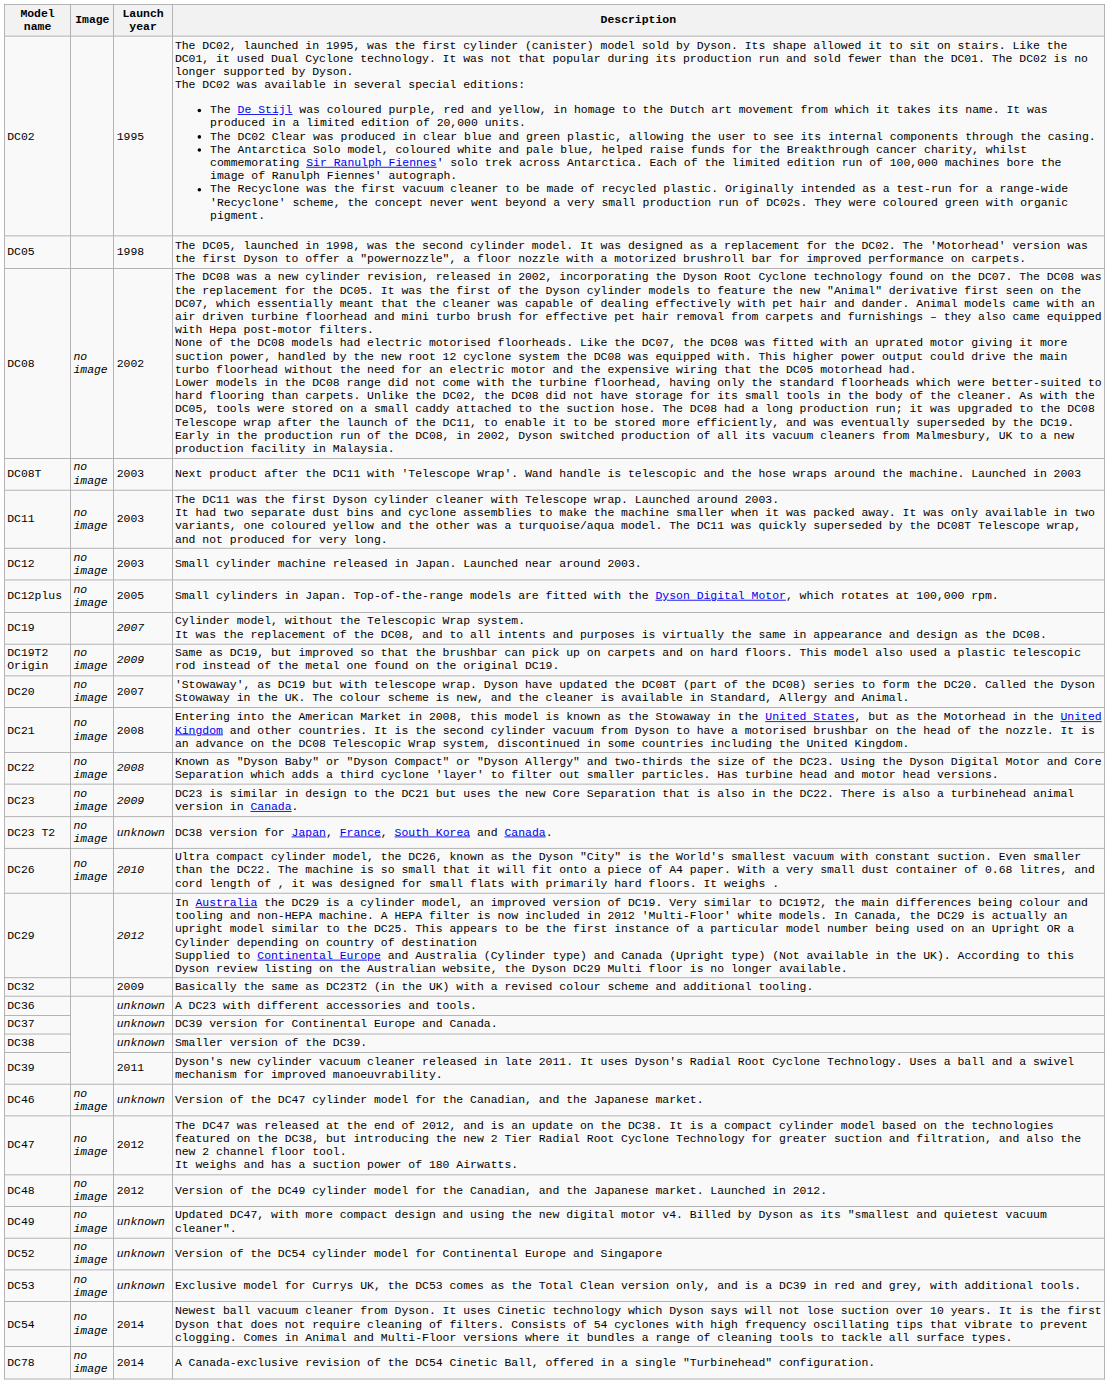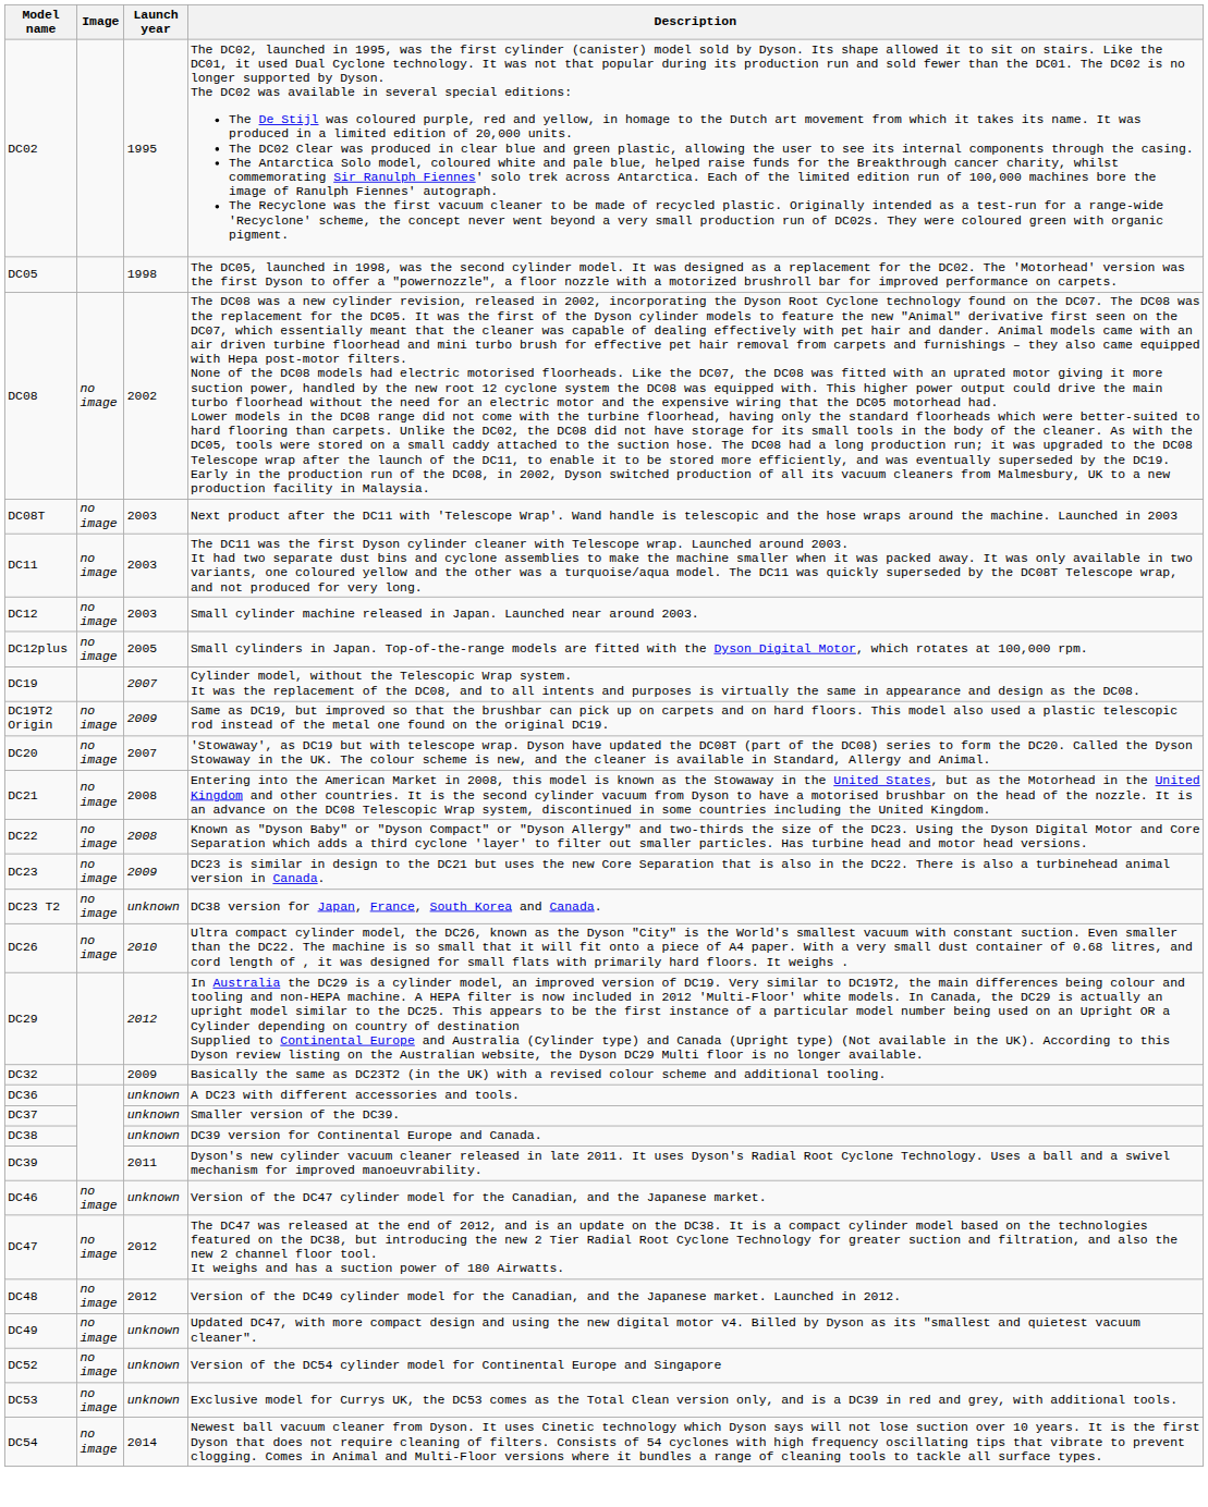 <table class="wikitable sortable">
 <tr>
 <th>Model name</th>
 <th>Image</th>
 <th>Launch year</th>
 <th>Description</th>
 </tr>
 <tr>
 <td>DC02</td>
 <td></td>
 <td>1995</td>
 <td>The DC02, launched in 1995, was the first cylinder (canister) model sold by Dyson. Its shape allowed it to sit on stairs. Like the DC01, it used Dual Cyclone technology. It was not that popular during its production run and sold fewer than the DC01. The DC02 is no longer supported by Dyson.<br>The DC02 was available in several special editions:<ul><li>The <a href='#'>De Stijl</a> was coloured purple, red and yellow, in homage to the Dutch art movement from which it takes its name. It was produced in a limited edition of 20,000 units.</li><li>The DC02 Clear was produced in clear blue and green plastic, allowing the user to see its internal components through the casing.</li><li>The Antarctica Solo model, coloured white and pale blue, helped raise funds for the Breakthrough cancer charity, whilst commemorating <a href='#'>Sir Ranulph Fiennes</a>' solo trek across Antarctica. Each of the limited edition run of 100,000 machines bore the image of Ranulph Fiennes' autograph.</li><li>The Recyclone was the first vacuum cleaner to be made of recycled plastic. Originally intended as a test-run for a range-wide 'Recyclone' scheme, the concept never went beyond a very small production run of DC02s. They were coloured green with organic pigment.</li></ul></td>
 </tr>
 <tr>
 <td>DC05</td>
 <td></td>
 <td>1998</td>
 <td>The DC05, launched in 1998, was the second cylinder model. It was designed as a replacement for the DC02. The 'Motorhead' version was the first Dyson to offer a "powernozzle", a floor nozzle with a motorized brushroll bar for improved performance on carpets.</td>
 </tr>
 <tr>
 <td>DC08</td>
 <td><em>no image</em></td>
 <td>2002</td>
 <td>The DC08 was a new cylinder revision, released in 2002, incorporating the Dyson Root Cyclone technology found on the DC07. The DC08 was the replacement for the DC05. It was the first of the Dyson cylinder models to feature the new "Animal" derivative first seen on the DC07, which essentially meant that the cleaner was capable of dealing effectively with pet hair and dander. Animal models came with an air driven turbine floorhead and mini turbo brush for effective pet hair removal from carpets and furnishings – they also came equipped with Hepa post-motor filters.<br>None of the DC08 models had electric motorised floorheads. Like the DC07, the DC08 was fitted with an uprated motor giving it more suction power, handled by the new root 12 cyclone system the DC08 was equipped with. This higher power output could drive the main turbo floorhead without the need for an electric motor and the expensive wiring that the DC05 motorhead had.<br>Lower models in the DC08 range did not come with the turbine floorhead, having only the standard floorheads which were better-suited to hard flooring than carpets. Unlike the DC02, the DC08 did not have storage for its small tools in the body of the cleaner. As with the DC05, tools were stored on a small caddy attached to the suction hose. The DC08 had a long production run; it was upgraded to the DC08 Telescope wrap after the launch of the DC11, to enable it to be stored more efficiently, and was eventually superseded by the DC19. Early in the production run of the DC08, in 2002, Dyson switched production of all its vacuum cleaners from Malmesbury, UK to a new production facility in Malaysia.</td>
 </tr>
 <tr>
 <td>DC08T</td>
 <td><em>no image</em></td>
 <td>2003</td>
 <td>Next product after the DC11 with 'Telescope Wrap'. Wand handle is telescopic and the hose wraps around the machine. Launched in 2003</td>
 </tr>
 <tr>
 <td>DC11</td>
 <td><em>no image</em></td>
 <td>2003</td>
 <td>The DC11 was the first Dyson cylinder cleaner with Telescope wrap. Launched around 2003.<br>It had two separate dust bins and cyclone assemblies to make the machine smaller when it was packed away. It was only available in two variants, one coloured yellow and the other was a turquoise/aqua model. The DC11 was quickly superseded by the DC08T Telescope wrap, and not produced for very long.</td>
 </tr>
 <tr>
 <td>DC12</td>
 <td><em>no image</em></td>
 <td>2003</td>
 <td>Small cylinder machine released in Japan. Launched near around 2003.</td>
 </tr>
 <tr>
 <td>DC12plus</td>
 <td><em>no image</em></td>
 <td>2005</td>
 <td>Small cylinders in Japan. Top-of-the-range models are fitted with the <a href='#'>Dyson Digital Motor</a>, which rotates at 100,000 rpm.</td>
 </tr>
 <tr>
 <td>DC19</td>
 <td></td>
 <td><em>2007</em></td>
 <td>Cylinder model, without the Telescopic Wrap system.<br>It was the replacement of the DC08, and to all intents and purposes is virtually the same in appearance and design as the DC08.</td>
 </tr>
 <tr>
 <td>DC19T2 Origin</td>
 <td><em>no image</em></td>
 <td><em>2009</em></td>
 <td>Same as DC19, but improved so that the brushbar can pick up on carpets and on hard floors. This model also used a plastic telescopic rod instead of the metal one found on the original DC19.</td>
 </tr>
 <tr>
 <td>DC20</td>
 <td><em>no image</em></td>
 <td>2007</td>
 <td>'Stowaway', as DC19 but with telescope wrap. Dyson have updated the DC08T (part of the DC08) series to form the DC20. Called the Dyson Stowaway in the UK. The colour scheme is new, and the cleaner is available in Standard, Allergy and Animal.</td>
 </tr>
 <tr>
 <td>DC21</td>
 <td><em>no image</em></td>
 <td>2008</td>
 <td>Entering into the American Market in 2008, this model is known as the Stowaway in the <a href='#'>United States</a>, but as the Motorhead in the <a href='#'>United Kingdom</a> and other countries. It is the second cylinder vacuum from Dyson to have a motorised brushbar on the head of the nozzle. It is an advance on the DC08 Telescopic Wrap system, discontinued in some countries including the United Kingdom.</td>
 </tr>
 <tr>
 <td>DC22</td>
 <td><em>no image</em></td>
 <td><em>2008</em></td>
 <td>Known as "Dyson Baby" or "Dyson Compact" or "Dyson Allergy" and two-thirds the size of the DC23. Using the Dyson Digital Motor and Core Separation which adds a third cyclone 'layer' to filter out smaller particles. Has turbine head and motor head versions.</td>
 </tr>
 <tr>
 <td>DC23</td>
 <td><em>no image</em></td>
 <td><em>2009</em></td>
 <td>DC23 is similar in design to the DC21 but uses the new Core Separation that is also in the DC22. There is also a turbinehead animal version in <a href='#'>Canada</a>.</td>
 </tr>
 <tr>
 <td>DC23 T2</td>
 <td><em>no image</em></td>
 <td><em>unknown</em></td>
 <td>DC38 version for <a href='#'>Japan</a>, <a href='#'>France</a>, <a href='#'>South Korea</a> and <a href='#'>Canada</a>.</td>
 </tr>
 <tr>
 <td>DC26</td>
 <td><em>no image</em></td>
 <td><em>2010</em></td>
 <td>Ultra compact cylinder model, the DC26, known as the Dyson "City" is the World's smallest vacuum with constant suction. Even smaller than the DC22. The machine is so small that it will fit onto a piece of A4 paper. With a very small dust container of 0.68 litres, and cord length of , it was designed for small flats with primarily hard floors. It weighs .</td>
 </tr>
 <tr>
 <td>DC29</td>
 <td></td>
 <td><em>2012</em></td>
 <td>In <a href='#'>Australia</a> the DC29 is a cylinder model, an improved version of DC19. Very similar to DC19T2, the main differences being colour and tooling and non-HEPA machine. A HEPA filter is now included in 2012 'Multi-Floor' white models. In Canada, the DC29 is actually an upright model similar to the DC25. This appears to be the first instance of a particular model number being used on an Upright OR a Cylinder depending on country of destination<br>Supplied to <a href='#'>Continental Europe</a> and Australia (Cylinder type) and Canada (Upright type) (Not available in the UK). According to this Dyson review listing on the Australian website, the Dyson DC29 Multi floor is no longer available.</td>
 </tr>
 <tr>
 <td>DC32</td>
 <td></td>
 <td>2009</td>
 <td>Basically the same as DC23T2 (in the UK) with a revised colour scheme and additional tooling.</td>
 </tr>
 <tr>
 <td>DC36</td>
 <td rowspan="4"></td>
 <td><em>unknown</em></td>
 <td>A DC23 with different accessories and tools.</td>
 </tr>
 <tr>
 <td>DC37</td>
 <td><em>unknown</em></td>
-<td>DC39 version for Continental Europe and Canada.</td>
+<td>Smaller version of the DC39.</td>
 </tr>
 <tr>
 <td>DC38</td>
 <td><em>unknown</em></td>
-<td>Smaller version of the DC39.</td>
+<td>DC39 version for Continental Europe and Canada.</td>
 </tr>
 <tr>
 <td>DC39</td>
 <td>2011</td>
 <td>Dyson's new cylinder vacuum cleaner released in late 2011. It uses Dyson's Radial Root Cyclone Technology. Uses a ball and a swivel mechanism for improved manoeuvrability.</td>
 </tr>
 <tr>
 <td>DC46</td>
 <td><em>no image</em></td>
 <td><em>unknown</em></td>
 <td>Version of the DC47 cylinder model for the Canadian, and the Japanese market.</td>
 </tr>
 <tr>
 <td>DC47</td>
 <td><em>no image</em></td>
 <td>2012</td>
 <td>The DC47 was released at the end of 2012, and is an update on the DC38. It is a compact cylinder model based on the technologies featured on the DC38, but introducing the new 2 Tier Radial Root Cyclone Technology for greater suction and filtration, and also the new 2 channel floor tool.<br>It weighs  and has a suction power of 180 Airwatts.</td>
 </tr>
 <tr>
 <td>DC48</td>
 <td><em>no image</em></td>
 <td>2012</td>
 <td>Version of the DC49 cylinder model for the Canadian, and the Japanese market. Launched in 2012.</td>
 </tr>
 <tr>
 <td>DC49</td>
 <td><em>no image</em></td>
 <td><em>unknown</em></td>
 <td>Updated DC47, with more compact design and using the new digital motor v4. Billed by Dyson as its "smallest and quietest vacuum cleaner".</td>
 </tr>
 <tr>
 <td>DC52</td>
 <td><em>no image</em></td>
 <td><em>unknown</em></td>
 <td>Version of the DC54 cylinder model for Continental Europe and Singapore</td>
 </tr>
 <tr>
 <td>DC53</td>
 <td><em>no image</em></td>
 <td><em>unknown</em></td>
 <td>Exclusive model for Currys UK, the DC53 comes as the Total Clean version only, and is a DC39 in red and grey, with additional tools.</td>
 </tr>
 <tr>
 <td>DC54</td>
 <td><em>no image</em></td>
 <td>2014</td>
 <td>Newest ball vacuum cleaner from Dyson. It uses Cinetic technology which Dyson says will not lose suction over 10 years. It is the first Dyson that does not require cleaning of filters. Consists of 54 cyclones with high frequency oscillating tips that vibrate to prevent clogging. Comes in Animal and Multi-Floor versions where it bundles a range of cleaning tools to tackle all surface types.</td>
 </tr>
-<tr>
-<td>DC78</td>
-<td><em>no image</em></td>
-<td>2014</td>
-<td>A Canada-exclusive revision of the DC54 Cinetic Ball, offered in a single "Turbinehead" configuration.</td>
-</tr>
 </table>
